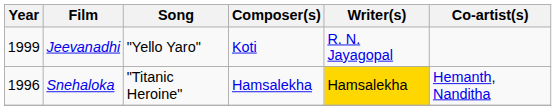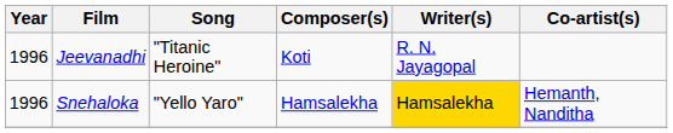 <table class="wikitable plainrowheaders" style="textcolor:#000;">
 <tr style="background:#b0e0e66;">
 <th scope="col"><strong>Year</strong></th>
 <th><strong>Film</strong></th>
 <th scope="col"><strong>Song</strong></th>
 <th scope="col"><strong>Composer(s)</strong></th>
 <th scope="col"><strong>Writer(s)</strong></th>
 <th scope="col"><strong>Co-artist(s)</strong></th>
 </tr>
 <tr>
-<td>1999</td>
+<td>1996</td>
 <td><em><a href='#'>Jeevanadhi</a></em></td>
-<td>"Yello Yaro"</td>
+<td>"Titanic Heroine"</td>
 <td><a href='#'>Koti</a></td>
 <td><a href='#'>R. N. Jayagopal</a></td>
 <td></td>
 </tr>
 <tr>
 <td>1996</td>
 <td><em><a href='#'>Snehaloka</a></em></td>
-<td>"Titanic Heroine"</td>
+<td>"Yello Yaro"</td>
 <td><a href='#'>Hamsalekha</a></td>
 <td style="background: gold;">Hamsalekha</td>
 <td><a href='#'>Hemanth</a>, <a href='#'>Nanditha</a></td>
 </tr>
 <tr>
 </tr>
 </table>
